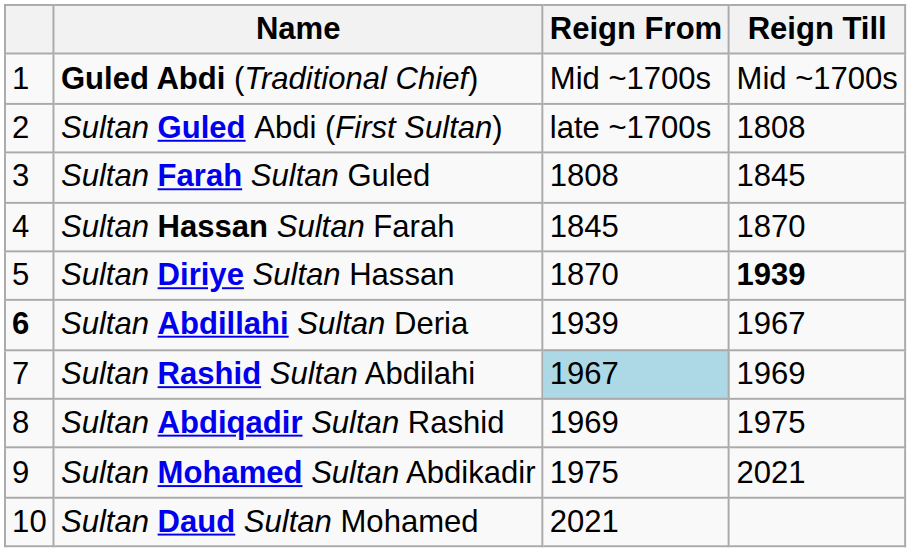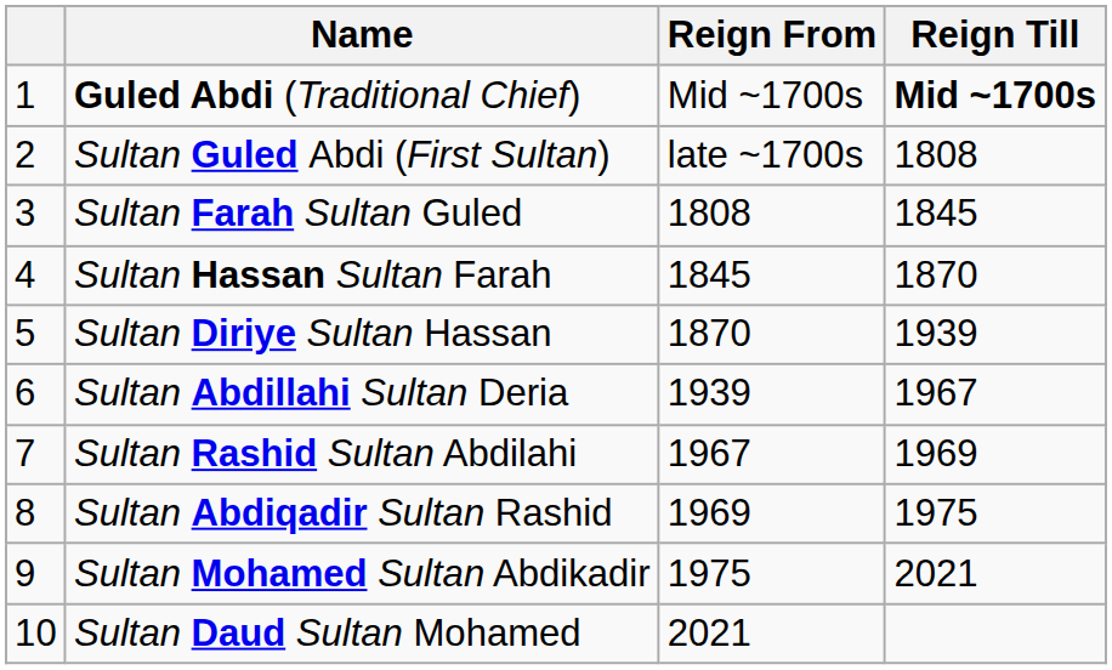 <table class="wikitable">
 <tr>
 <th></th>
 <th>Name</th>
 <th>Reign From</th>
 <th>Reign Till</th>
 </tr>
 <tr>
 <td>1</td>
 <td style="white-space:nowrap"><strong> Guled Abdi </strong> (<em>Traditional Chief</em>)</td>
 <td style="white-space:nowrap">Mid ~1700s</td>
-<td style="white-space:nowrap">Mid ~1700s</td>
+<td style="white-space:nowrap"><strong>Mid ~1700s</strong></td>
 </tr>
 <tr>
 <td>2</td>
 <td style="white-space:nowrap"><em>Sultan</em> <strong><a href='#'>Guled</a> </strong> Abdi (<em>First Sultan</em>)</td>
 <td style="white-space:nowrap">late ~1700s</td>
 <td style="white-space:nowrap">1808</td>
 </tr>
 <tr>
 <td>3</td>
 <td style="white-space:nowrap"><em>Sultan</em> <strong><a href='#'>Farah</a></strong> <em>Sultan</em> Guled</td>
 <td style="white-space:nowrap">1808</td>
 <td style="white-space:nowrap">1845</td>
 </tr>
 <tr>
 <td>4</td>
 <td style="white-space:nowrap"><em>Sultan</em> <strong>Hassan</strong> <em>Sultan</em> Farah</td>
 <td style="white-space:nowrap">1845</td>
 <td style="white-space:nowrap">1870</td>
 </tr>
 <tr>
 <td>5</td>
 <td style="white-space:nowrap"><em>Sultan</em> <strong><a href='#'>Diriye</a></strong> <em>Sultan</em> Hassan</td>
 <td style="white-space:nowrap">1870</td>
-<td style="white-space:nowrap"><strong>1939</strong></td>
+<td style="white-space:nowrap">1939</td>
 </tr>
 <tr>
-<td><strong>6</strong></td>
+<td>6</td>
 <td style="white-space:nowrap"><em>Sultan</em> <strong><a href='#'>Abdillahi</a></strong> <em>Sultan</em> Deria</td>
 <td style="white-space:nowrap">1939</td>
 <td style="white-space:nowrap">1967</td>
 </tr>
 <tr>
 <td>7</td>
 <td style="white-space:nowrap"><em>Sultan</em> <strong><a href='#'>Rashid</a></strong> <em> Sultan</em> Abdilahi</td>
-<td style="background: lightblue; white-space:nowrap">1967</td>
+<td style="white-space:nowrap">1967</td>
 <td style="white-space:nowrap">1969</td>
 </tr>
 <tr>
 <td>8</td>
 <td style="white-space:nowrap"><em>Sultan</em> <strong><a href='#'>Abdiqadir</a></strong> <em>Sultan</em> Rashid</td>
 <td style="white-space:nowrap">1969</td>
 <td style="white-space:nowrap">1975</td>
 </tr>
 <tr>
 <td>9</td>
 <td style="white-space:nowrap"><em>Sultan</em> <strong><a href='#'>Mohamed</a></strong> <em>Sultan</em> Abdikadir</td>
 <td style="white-space:nowrap">1975</td>
 <td style="white-space:nowrap">2021</td>
 </tr>
 <tr>
 <td>10</td>
 <td style="white-space:nowrap"><em>Sultan</em> <strong><a href='#'>Daud</a></strong> <em>Sultan</em> Mohamed</td>
 <td style="white-space:nowrap">2021</td>
 </tr>
 </table>
